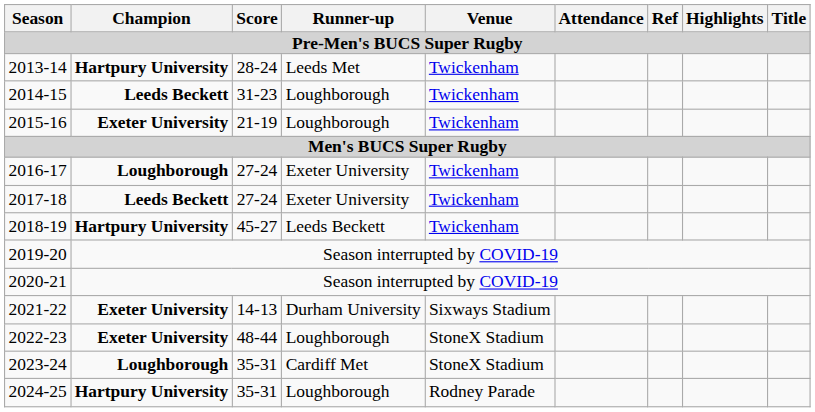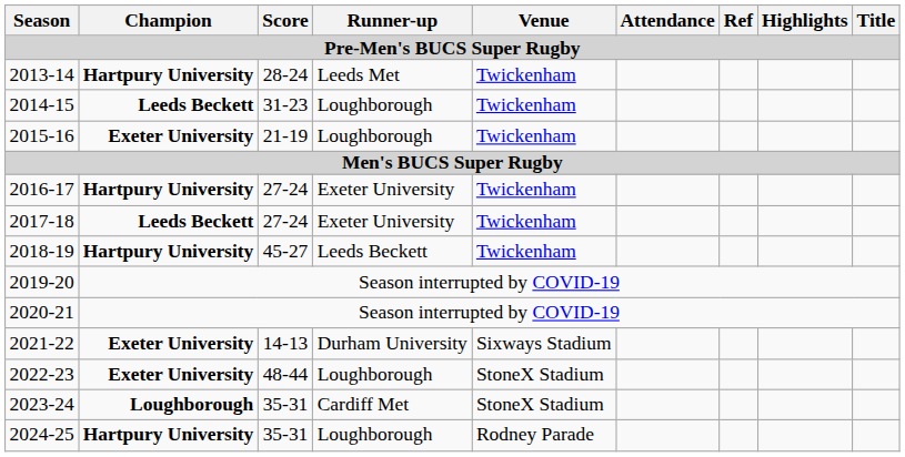 <table class="wikitable">
 <tr>
 <th>Season</th>
 <th> Champion</th>
 <th>Score</th>
 <th> Runner-up</th>
 <th>Venue</th>
 <th>Attendance</th>
 <th>Ref</th>
 <th>Highlights</th>
 <th>Title</th>
 </tr>
 <tr bgcolor=lightgrey>
 <td colspan=9 align=center style="line-height:12px;"><span><strong>Pre-Men's BUCS Super Rugby</strong></span></td>
 </tr>
 <tr>
 <td>2013-14</td>
 <td style="text-align:right;"><strong>Hartpury University</strong></td>
 <td style="text-align:center;">28-24</td>
 <td style="text-align:left;">Leeds Met</td>
 <td><a href='#'>Twickenham</a></td>
 <td></td>
 <td></td>
 <td></td>
 <td></td>
 </tr>
 <tr>
 <td>2014-15</td>
 <td style="text-align:right;"><strong>Leeds Beckett</strong></td>
 <td style="text-align:center;">31-23</td>
 <td style="text-align:left;">Loughborough</td>
 <td><a href='#'>Twickenham</a></td>
 <td></td>
 <td></td>
 <td></td>
 <td></td>
 </tr>
 <tr>
 <td>2015-16</td>
 <td style="text-align:right;"><strong>Exeter University</strong></td>
 <td style="text-align:center;">21-19</td>
 <td style="text-align:left;">Loughborough</td>
 <td><a href='#'>Twickenham</a></td>
 <td></td>
 <td></td>
 <td></td>
 </tr>
 <tr bgcolor=lightgrey>
 <td colspan=9 align=center style="line-height:12px;"><span><strong>Men's BUCS Super Rugby</strong></span></td>
 </tr>
 <tr>
 <td>2016-17</td>
-<td style="text-align:right;"><strong>Loughborough</strong></td>
+<td style="text-align:right;"><strong>Hartpury University</strong></td>
 <td style="text-align:center;">27-24</td>
 <td style="text-align:left;">Exeter University</td>
 <td><a href='#'>Twickenham</a></td>
 <td></td>
 <td></td>
 <td></td>
 <td></td>
 </tr>
 <tr>
 <td>2017-18</td>
 <td style="text-align:right;"><strong>Leeds Beckett</strong></td>
 <td style="text-align:center;">27-24</td>
 <td style="text-align:left;">Exeter University</td>
 <td><a href='#'>Twickenham</a></td>
 <td></td>
 <td></td>
 <td></td>
 <td></td>
 </tr>
 <tr>
 <td>2018-19</td>
 <td style="text-align:right;"><strong>Hartpury University</strong></td>
 <td style="text-align:center;">45-27</td>
 <td style="text-align:left;">Leeds Beckett</td>
 <td><a href='#'>Twickenham</a></td>
 <td></td>
 <td></td>
 <td></td>
 <td></td>
 </tr>
 <tr>
 <td>2019-20</td>
 <td align=center colspan="9">Season interrupted by <a href='#'>COVID-19</a></td>
 </tr>
 <tr>
 <td>2020-21</td>
 <td align=center colspan="9">Season interrupted by <a href='#'>COVID-19</a></td>
 </tr>
 <tr>
 <td>2021-22</td>
 <td style="text-align:right;"><strong>Exeter University</strong></td>
 <td style="text-align:center;">14-13</td>
 <td style="text-align:left;">Durham University</td>
 <td>Sixways Stadium</td>
 <td></td>
 <td></td>
 <td></td>
 <td></td>
 </tr>
 <tr>
 <td>2022-23</td>
 <td style="text-align:right;"><strong>Exeter University</strong></td>
 <td style="text-align:center;">48-44</td>
 <td style="text-align:left;">Loughborough</td>
 <td>StoneX Stadium</td>
 <td></td>
 <td></td>
 <td></td>
 <td></td>
 </tr>
 <tr>
 <td>2023-24</td>
 <td style="text-align:right;"><strong>Loughborough</strong></td>
 <td style="text-align:center;">35-31</td>
 <td style="text-align:left;">Cardiff Met</td>
 <td>StoneX Stadium</td>
 <td></td>
 <td></td>
 <td></td>
 <td></td>
 </tr>
 <tr>
 <td>2024-25</td>
 <td style="text-align:right;"><strong>Hartpury University</strong></td>
 <td style="text-align:center;">35-31</td>
 <td style="text-align:left;">Loughborough</td>
 <td>Rodney Parade</td>
 <td></td>
 <td></td>
 <td></td>
 <td></td>
 </tr>
 </table>
